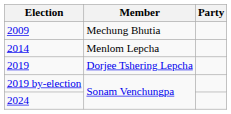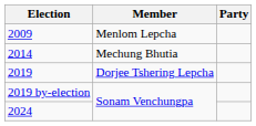 <table class="wikitable sortable">
 <tr>
 <th>Election</th>
 <th>Member</th>
 <th colspan=2>Party</th>
 </tr>
 <tr>
 <td><a href='#'>2009</a></td>
-<td>Mechung Bhutia</td>
+<td>Menlom Lepcha</td>
 <td></td>
 </tr>
 <tr>
 <td><a href='#'>2014</a></td>
-<td>Menlom Lepcha</td>
+<td>Mechung Bhutia</td>
 <td></td>
 </tr>
 <tr>
 <td><a href='#'>2019</a></td>
 <td><a href='#'>Dorjee Tshering Lepcha</a></td>
 <td></td>
 </tr>
 <tr>
 <td><a href='#'>2019 by-election</a></td>
 <td rowspan=2><a href='#'>Sonam Venchungpa</a></td>
 <td></td>
 </tr>
 <tr>
 <td><a href='#'>2024</a></td>
 <td></td>
 </tr>
 </table>
